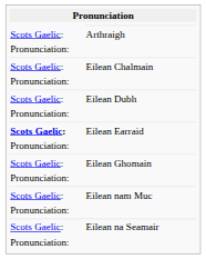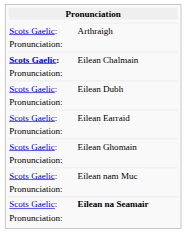 <table class="collapsible infobox collapsed" width="280" style="font-size: 90%;">
 <tr>
 <th colspan="2" bgcolor="#efefef">Pronunciation</th>
 </tr>
 <tr class="note">
 </tr>
 <tr style="vertical-align: top;">
 <td style="width: 40%;"></td>
 <th colspan="2" bgcolor="#efefef"></th>
 </tr>
 <tr>
 <td><a href='#'>Scots Gaelic</a>:</td>
 <td>Arthraigh</td>
 </tr>
 <tr>
 <td>Pronunciation:</td>
 <td></td>
 </tr>
 <tr>
 <th colspan="2" bgcolor="#efefef"></th>
 </tr>
 <tr>
-<td><a href='#'>Scots Gaelic</a>:</td>
+<td><strong><a href='#'>Scots Gaelic</a>:</strong></td>
 <td>Eilean Chalmain</td>
 </tr>
 <tr>
 <td>Pronunciation:</td>
 <td></td>
 </tr>
 <tr>
 <th colspan="2" bgcolor="#efefef"></th>
 </tr>
 <tr>
 <td><a href='#'>Scots Gaelic</a>:</td>
 <td>Eilean Dubh</td>
 </tr>
 <tr>
 <td>Pronunciation:</td>
 <td></td>
 </tr>
 <tr>
 <th colspan="2" bgcolor="#efefef"></th>
 </tr>
 <tr>
-<td><strong><a href='#'>Scots Gaelic</a>:</strong></td>
+<td><a href='#'>Scots Gaelic</a>:</td>
 <td>Eilean Earraid</td>
 </tr>
 <tr>
 <td>Pronunciation:</td>
 <td></td>
 </tr>
 <tr>
 <th colspan="2" bgcolor="#efefef"></th>
 </tr>
 <tr>
 <td><a href='#'>Scots Gaelic</a>:</td>
 <td>Eilean Ghomain</td>
 </tr>
 <tr>
 <td>Pronunciation:</td>
 <td></td>
 </tr>
 <tr>
 <th colspan="2" bgcolor="#efefef"></th>
 </tr>
 <tr>
 <td><a href='#'>Scots Gaelic</a>:</td>
 <td>Eilean nam Muc</td>
 </tr>
 <tr>
 <td>Pronunciation:</td>
 <td></td>
 </tr>
 <tr>
 <th colspan="2" bgcolor="#efefef"></th>
 </tr>
 <tr>
 <td><a href='#'>Scots Gaelic</a>:</td>
-<td>Eilean na Seamair</td>
+<td><strong>Eilean na Seamair</strong></td>
 </tr>
 <tr>
 <td>Pronunciation:</td>
 <td></td>
 </tr>
 <tr>
 </tr>
 </table>
